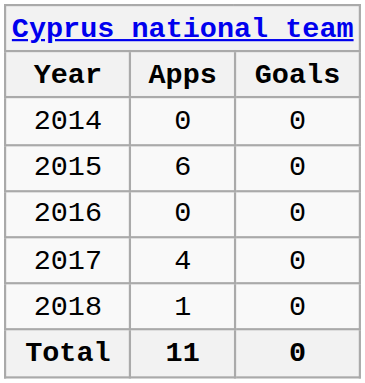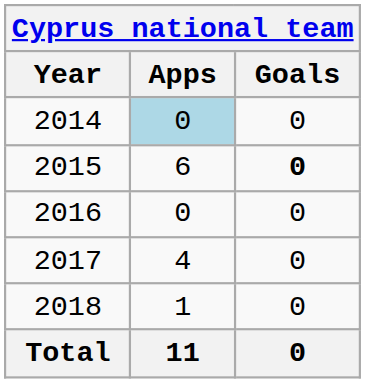 <table class=wikitable style="text-align:center">
 <tr>
 <th colspan=3><a href='#'>Cyprus national team</a></th>
 </tr>
 <tr>
 <th>Year</th>
 <th>Apps</th>
 <th>Goals</th>
 </tr>
 <tr>
 <td>2014</td>
-<td>0</td>
+<td style="background: lightblue;">0</td>
 <td>0</td>
 </tr>
 <tr>
 <td>2015</td>
 <td>6</td>
-<td>0</td>
+<td><strong>0</strong></td>
 </tr>
 <tr>
 <td>2016</td>
 <td>0</td>
 <td>0</td>
 </tr>
 <tr>
 <td>2017</td>
 <td>4</td>
 <td>0</td>
 </tr>
 <tr>
 <td>2018</td>
 <td>1</td>
 <td>0</td>
 </tr>
 <tr>
 <th>Total</th>
 <th>11</th>
 <th>0</th>
 </tr>
 </table>
